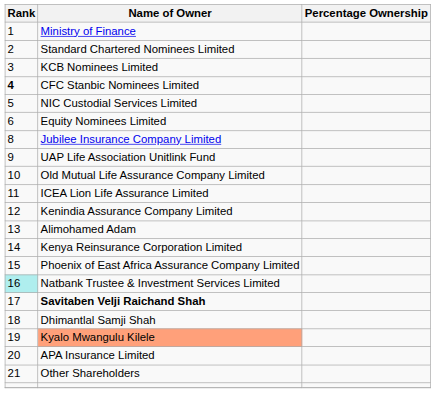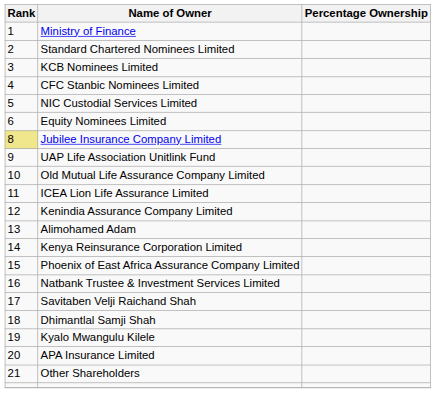 <table class="wikitable sortable" style="margin: 0.5em auto">
 <tr>
 <th>Rank</th>
 <th>Name of Owner</th>
 <th>Percentage Ownership</th>
 </tr>
 <tr>
 <td>1</td>
 <td><a href='#'>Ministry of Finance</a></td>
 <td></td>
 </tr>
 <tr>
 <td>2</td>
 <td>Standard Chartered Nominees Limited</td>
 <td></td>
 </tr>
 <tr>
 <td>3</td>
 <td>KCB Nominees Limited</td>
 <td></td>
 </tr>
 <tr>
-<td><strong>4</strong></td>
+<td>4</td>
 <td>CFC Stanbic Nominees Limited</td>
 <td></td>
 </tr>
 <tr>
 <td>5</td>
 <td>NIC Custodial Services Limited</td>
 <td></td>
 </tr>
 <tr>
 <td>6</td>
 <td>Equity Nominees Limited</td>
 <td></td>
 </tr>
 <tr>
-<td>8</td>
+<td style="background: khaki;">8</td>
 <td><a href='#'>Jubilee Insurance Company Limited</a></td>
 <td></td>
 </tr>
 <tr>
 <td>9</td>
 <td>UAP Life Association Unitlink Fund</td>
 <td></td>
 </tr>
 <tr>
 <td>10</td>
 <td>Old Mutual Life Assurance Company Limited</td>
 <td></td>
 </tr>
 <tr>
 <td>11</td>
 <td>ICEA Lion Life Assurance Limited</td>
 <td></td>
 </tr>
 <tr>
 <td>12</td>
 <td>Kenindia Assurance Company Limited</td>
 <td></td>
 </tr>
 <tr>
 <td>13</td>
 <td>Alimohamed Adam</td>
 <td></td>
 </tr>
 <tr>
 <td>14</td>
 <td>Kenya Reinsurance Corporation Limited</td>
 <td></td>
 </tr>
 <tr>
 <td>15</td>
 <td>Phoenix of East Africa Assurance Company Limited</td>
 <td></td>
 </tr>
 <tr>
-<td style="background: paleturquoise;">16</td>
+<td>16</td>
 <td>Natbank Trustee & Investment Services Limited</td>
 <td></td>
 </tr>
 <tr>
 <td>17</td>
-<td><strong>Savitaben Velji Raichand Shah</strong></td>
+<td>Savitaben Velji Raichand Shah</td>
 <td></td>
 </tr>
 <tr>
 <td>18</td>
 <td>Dhimantlal Samji Shah</td>
 <td></td>
 </tr>
 <tr>
 <td>19</td>
-<td style="background: lightsalmon;">Kyalo Mwangulu Kilele</td>
+<td>Kyalo Mwangulu Kilele</td>
 <td></td>
 </tr>
 <tr>
 <td>20</td>
 <td>APA Insurance Limited</td>
 <td></td>
 </tr>
 <tr>
 <td>21</td>
 <td>Other Shareholders</td>
 <td></td>
 </tr>
 <tr>
 <td></td>
 <td></td>
 <td></td>
 </tr>
 <tr>
 </tr>
 </table>
